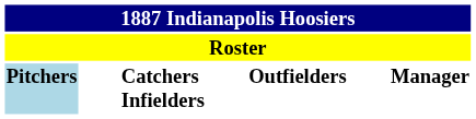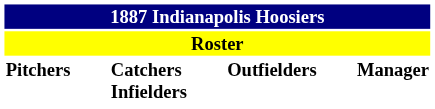 <table class="toccolours" style="font-size: 95%;">
 <tr>
 <th colspan="10" style="background-color: navy; color: white; text-align: center;">1887 Indianapolis Hoosiers</th>
 </tr>
 <tr>
 <td colspan="10" style="background-color: yellow; color: black; text-align: center;"><strong>Roster</strong></td>
 </tr>
 <tr>
-<td valign="top" style="background: lightblue;"><strong>Pitchers</strong><br>       </td>
+<td valign="top"><strong>Pitchers</strong><br>       </td>
 <td width="25px"></td>
 <td valign="top"><strong>Catchers</strong><br>   <strong>Infielders</strong>     </td>
 <td width="25px"></td>
 <td valign="top"><strong>Outfielders</strong><br>        </td>
 <td width="25px"></td>
 <td valign="top"><strong>Manager</strong><br>  </td>
 </tr>
 <tr>
 </tr>
 </table>
